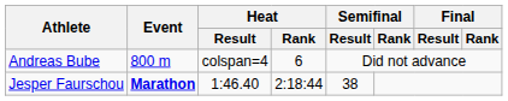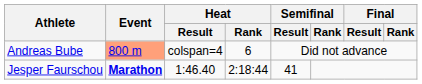 <table class="wikitable" style="font-size:90%">
 <tr>
 <th rowspan="2">Athlete</th>
 <th rowspan="2">Event</th>
 <th colspan="2">Heat</th>
 <th colspan="2">Semifinal</th>
 <th colspan="2">Final</th>
 </tr>
 <tr style="font-size:95%">
 <th>Result</th>
 <th>Rank</th>
 <th>Result</th>
 <th>Rank</th>
 <th>Result</th>
 <th>Rank</th>
 </tr>
 <tr align=center>
 <td align=left><a href='#'>Andreas Bube</a></td>
-<td align=left><a href='#'>800 m</a></td>
+<td align=left style="background: lightsalmon;"><a href='#'>800 m</a></td>
 <td>colspan=4 </td>
 <td>6</td>
 <td colspan="4">Did not advance</td>
 </tr>
 <tr align=center>
 <td align=left><a href='#'>Jesper Faurschou</a></td>
 <td align=left><strong><a href='#'>Marathon</a></strong></td>
 <td>1:46.40</td>
 <td>2:18:44</td>
-<td>38</td>
+<td>41</td>
 </tr>
 </table>
